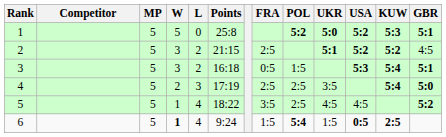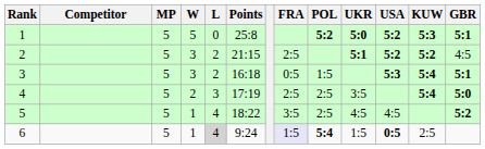 <table class="wikitable" style="text-align:center">
 <tr>
 <th>Rank</th>
 <th style="width:16em">Competitor</th>
 <th style="width:2.5em">MP</th>
 <th style="width:2.5em">W</th>
 <th style="width:2.5em">L</th>
 <th>Points</th>
 <th rowspan="7"> </th>
 <th style="width:2.5em">FRA</th>
 <th style="width:2.5em">POL</th>
 <th style="width:2.5em">UKR</th>
 <th style="width:2.5em">USA</th>
 <th style="width:2.5em">KUW</th>
 <th style="width:2.5em">GBR</th>
 </tr>
 <tr style="background:#cfc;">
 <td>1</td>
 <td style="text-align:left"></td>
 <td>5</td>
 <td>5</td>
 <td>0</td>
 <td>25:8</td>
 <td></td>
 <td><strong>5:2</strong></td>
 <td><strong>5:0</strong></td>
 <td><strong>5:2</strong></td>
 <td><strong>5:3</strong></td>
 <td><strong>5:1</strong></td>
 </tr>
 <tr style="background:#cfc;">
 <td>2</td>
 <td style="text-align:left"></td>
 <td>5</td>
 <td>3</td>
 <td>2</td>
 <td>21:15</td>
 <td>2:5</td>
 <td></td>
 <td><strong>5:1</strong></td>
 <td><strong>5:2</strong></td>
 <td><strong>5:2</strong></td>
 <td>4:5</td>
 </tr>
 <tr style="background:#cfc;">
 <td>3</td>
 <td style="text-align:left"></td>
 <td>5</td>
 <td>3</td>
 <td>2</td>
 <td>16:18</td>
 <td>0:5</td>
 <td>1:5</td>
 <td></td>
 <td><strong>5:3</strong></td>
 <td><strong>5:4</strong></td>
 <td><strong>5:1</strong></td>
 </tr>
 <tr style="background:#cfc;">
 <td>4</td>
 <td style="text-align:left"></td>
 <td>5</td>
 <td>2</td>
 <td>3</td>
 <td>17:19</td>
 <td>2:5</td>
 <td>2:5</td>
 <td>3:5</td>
 <td></td>
 <td><strong>5:4</strong></td>
 <td><strong>5:0</strong></td>
 </tr>
 <tr style="background:#cfc;">
 <td>5</td>
 <td style="text-align:left"></td>
 <td>5</td>
 <td>1</td>
 <td>4</td>
 <td>18:22</td>
 <td>3:5</td>
 <td>2:5</td>
 <td>4:5</td>
 <td>4:5</td>
 <td></td>
 <td><strong>5:2</strong></td>
 </tr>
 <tr>
 <td>6</td>
 <td style="text-align:left"></td>
 <td>5</td>
-<td><strong>1</strong></td>
-<td>4</td>
+<td>1</td>
+<td style="background: lightgrey;">4</td>
 <td>9:24</td>
-<td>1:5</td>
+<td style="background: lavender;">1:5</td>
 <td><strong>5:4</strong></td>
 <td>1:5</td>
 <td><strong>0:5</strong></td>
-<td><strong>2:5</strong></td>
+<td>2:5</td>
 <td></td>
 </tr>
 </table>
